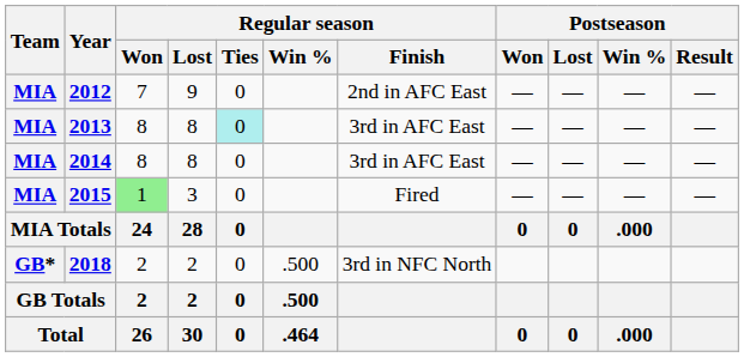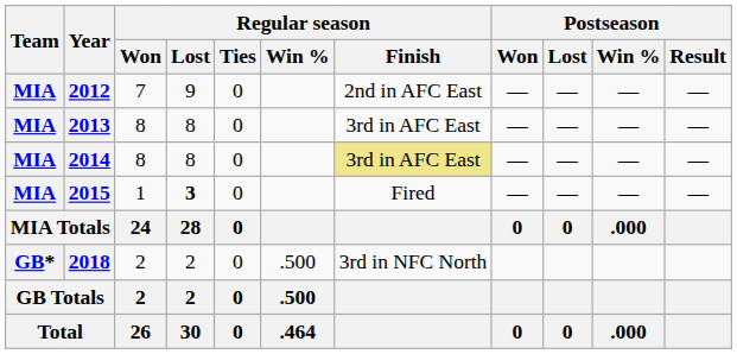 <table class="wikitable" style="font-size: 95%; text-align:center;">
 <tr>
 <th rowspan="2">Team</th>
 <th rowspan="2">Year</th>
 <th colspan="5">Regular season</th>
 <th colspan="4">Postseason</th>
 </tr>
 <tr>
 <th>Won</th>
 <th>Lost</th>
 <th>Ties</th>
 <th>Win %</th>
 <th>Finish</th>
 <th>Won</th>
 <th>Lost</th>
 <th>Win %</th>
 <th>Result</th>
 </tr>
 <tr>
 <th><a href='#'>MIA</a></th>
 <th><a href='#'>2012</a></th>
 <td>7</td>
 <td>9</td>
 <td>0</td>
 <td></td>
 <td>2nd in AFC East</td>
 <td>—</td>
 <td>—</td>
 <td>—</td>
 <td>—</td>
 </tr>
 <tr>
 <th><a href='#'>MIA</a></th>
 <th><a href='#'>2013</a></th>
 <td>8</td>
 <td>8</td>
-<td style="background: paleturquoise;">0</td>
+<td>0</td>
 <td></td>
 <td>3rd in AFC East</td>
 <td>—</td>
 <td>—</td>
 <td>—</td>
 <td>—</td>
 </tr>
 <tr>
 <th><a href='#'>MIA</a></th>
 <th><a href='#'>2014</a></th>
 <td>8</td>
 <td>8</td>
 <td>0</td>
 <td></td>
-<td>3rd in AFC East</td>
+<td style="background: khaki;">3rd in AFC East</td>
 <td>—</td>
 <td>—</td>
 <td>—</td>
 <td>—</td>
 </tr>
 <tr>
 <th><a href='#'>MIA</a></th>
 <th><a href='#'>2015</a></th>
-<td style="background: lightgreen;">1</td>
-<td>3</td>
+<td>1</td>
+<td><strong>3</strong></td>
 <td>0</td>
 <td></td>
 <td>Fired</td>
 <td>—</td>
 <td>—</td>
 <td>—</td>
 <td>—</td>
 </tr>
 <tr>
 <th colspan="2">MIA Totals</th>
 <th>24</th>
 <th>28</th>
 <th>0</th>
 <th></th>
 <th></th>
 <th>0</th>
 <th>0</th>
 <th>.000</th>
 <th></th>
 </tr>
 <tr>
 <th><a href='#'>GB</a>*</th>
 <th><a href='#'>2018</a></th>
 <td>2</td>
 <td>2</td>
 <td>0</td>
 <td>.500</td>
 <td>3rd in NFC North</td>
 <td></td>
 <td></td>
 <td></td>
 <td></td>
 </tr>
 <tr>
 <th colspan="2">GB Totals</th>
 <th>2</th>
 <th>2</th>
 <th>0</th>
 <th>.500</th>
 <th></th>
 <th></th>
 <th></th>
 <th></th>
 <th></th>
 </tr>
 <tr>
 <th colspan="2">Total</th>
 <th>26</th>
 <th>30</th>
 <th>0</th>
 <th>.464</th>
 <th></th>
 <th>0</th>
 <th>0</th>
 <th>.000</th>
 <th></th>
 </tr>
 </table>
